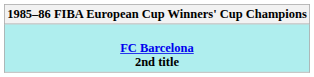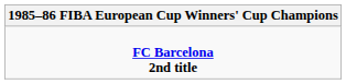 <table class=wikitable style="text-align:center; margin:auto">
 <tr>
 <th>1985–86 FIBA European Cup Winners' Cup Champions</th>
 </tr>
 <tr>
-<td style="background: paleturquoise;"><br> <strong><a href='#'>FC Barcelona</a></strong> <br> <strong>2nd title</strong></td>
+<td><br> <strong><a href='#'>FC Barcelona</a></strong> <br> <strong>2nd title</strong></td>
 </tr>
 </table>
